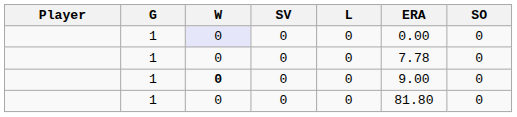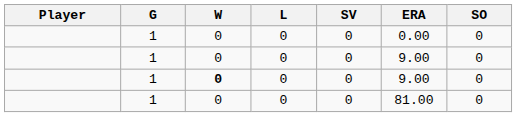 <table class="wikitable sortable">
 <tr>
 <th bgcolor="#DDDDFF" width="16%">Player</th>
 <th bgcolor="#DDDDFF" width="9%">G</th>
 <th bgcolor="#DDDDFF" width="9%">W</th>
+<th bgcolor="#DDDDFF" width="9%">L</th>
 <th bgcolor="#DDDDFF" width="9%">SV</th>
-<th bgcolor="#DDDDFF" width="9%">L</th>
 <th bgcolor="#DDDDFF" width="9%">ERA</th>
 <th bgcolor="#DDDDFF" width="9%">SO</th>
 </tr>
 <tr align="center">
 <td></td>
 <td>1</td>
-<td style="background: lavender;">0</td>
+<td>0</td>
 <td>0</td>
 <td>0</td>
 <td>0.00</td>
 <td>0</td>
 </tr>
 <tr align="center">
 <td></td>
 <td>1</td>
 <td>0</td>
 <td>0</td>
 <td>0</td>
-<td>7.78</td>
+<td>9.00</td>
 <td>0</td>
 </tr>
 <tr align="center">
 <td></td>
 <td>1</td>
 <td><strong>0</strong></td>
 <td>0</td>
 <td>0</td>
 <td>9.00</td>
 <td>0</td>
 </tr>
 <tr align="center">
 <td></td>
 <td>1</td>
 <td>0</td>
 <td>0</td>
 <td>0</td>
-<td>81.80</td>
+<td>81.00</td>
 <td>0</td>
 </tr>
 </table>
